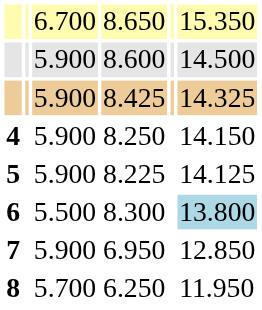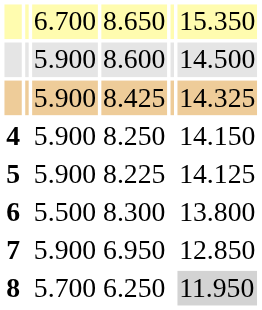 <table>
 <tr bgcolor=fffcaf>
 <td></td>
 <td align=left></td>
 <td>6.700</td>
 <td>8.650</td>
 <td></td>
 <td>15.350</td>
 </tr>
 <tr bgcolor=e5e5e5>
 <td></td>
 <td align=left></td>
 <td>5.900</td>
 <td>8.600</td>
 <td></td>
 <td>14.500</td>
 </tr>
 <tr bgcolor=eecc99>
 <td></td>
 <td align=left></td>
 <td>5.900</td>
 <td>8.425</td>
 <td></td>
 <td>14.325</td>
 </tr>
 <tr>
 <th>4</th>
 <td align=left></td>
 <td>5.900</td>
 <td>8.250</td>
 <td></td>
 <td>14.150</td>
 </tr>
 <tr>
 <th>5</th>
 <td align=left></td>
 <td>5.900</td>
 <td>8.225</td>
 <td></td>
 <td>14.125</td>
 </tr>
 <tr>
 <th>6</th>
 <td align=left></td>
 <td>5.500</td>
 <td>8.300</td>
 <td></td>
-<td style="background: lightblue;">13.800</td>
+<td>13.800</td>
 </tr>
 <tr>
 <th>7</th>
 <td align=left></td>
 <td>5.900</td>
 <td>6.950</td>
 <td></td>
 <td>12.850</td>
 </tr>
 <tr>
 <th>8</th>
 <td align=left></td>
 <td>5.700</td>
 <td>6.250</td>
 <td></td>
-<td>11.950</td>
+<td style="background: lightgrey;">11.950</td>
 </tr>
 <tr>
 </tr>
 </table>
